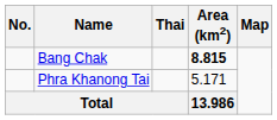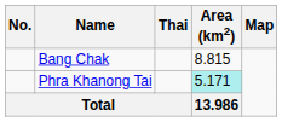 <table class="wikitable sortable">
 <tr>
 <th>No.</th>
 <th>Name</th>
 <th>Thai</th>
 <th>Area<br>(km<sup>2</sup>)</th>
 <th>Map</th>
 </tr>
 <tr>
 <td></td>
 <td><a href='#'>Bang Chak</a></td>
 <td></td>
-<td><strong><div>8.815</div></strong></td>
+<td><div>8.815</div></td>
 <td rowspan=3></td>
 </tr>
 <tr>
 <td></td>
 <td><a href='#'>Phra Khanong Tai</a></td>
 <td></td>
-<td><div>5.171</div></td>
+<td style="background: paleturquoise;"><div>5.171</div></td>
 </tr>
 <tr>
 <th colspan=3>Total</th>
 <th><div>13.986</div></th>
 </tr>
 </table>
